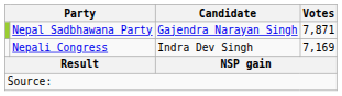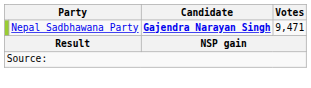 <table class="wikitable">
 <tr>
 <th colspan="2">Party</th>
 <th>Candidate</th>
 <th>Votes</th>
 </tr>
 <tr>
 <td style="background-color:yellowgreen"></td>
 <td><a href='#'>Nepal Sadbhawana Party</a></td>
-<td><a href='#'>Gajendra Narayan Singh</a></td>
-<td>7,871</td>
-</tr>
-<tr>
-<td style="background-color:"></td>
-<td><a href='#'>Nepali Congress</a></td>
-<td>Indra Dev Singh</td>
-<td>7,169</td>
+<td><strong><a href='#'>Gajendra Narayan Singh</a></strong></td>
+<td>9,471</td>
 </tr>
 <tr>
 <th colspan="2">Result</th>
 <th colspan="2">NSP gain</th>
 </tr>
 <tr>
 <td colspan="4">Source: </td>
 </tr>
 </table>
